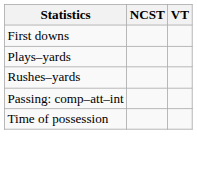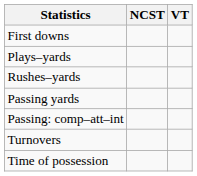 <table class="wikitable" style="float:left">
 <tr>
 <th>Statistics</th>
 <th>NCST</th>
 <th>VT</th>
 </tr>
 <tr>
 <td>First downs</td>
 <td></td>
 <td></td>
 </tr>
 <tr>
 <td>Plays–yards</td>
 <td></td>
 <td></td>
 </tr>
 <tr>
 <td>Rushes–yards</td>
 <td></td>
 <td></td>
 </tr>
 <tr>
+<td>Passing yards</td>
+<td></td>
+<td></td>
+</tr>
+<tr>
 <td>Passing: comp–att–int</td>
+<td></td>
+<td></td>
+</tr>
+<tr>
+<td>Turnovers</td>
 <td></td>
 <td></td>
 </tr>
 <tr>
 <td>Time of possession</td>
 <td></td>
 <td></td>
 </tr>
 </table>
